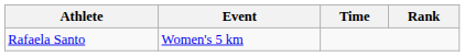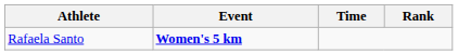 <table class="wikitable" style="text-align:center; font-size:90%; width:30%;">
 <tr>
 <th>Athlete</th>
 <th>Event</th>
 <th>Time</th>
 <th>Rank</th>
 </tr>
 <tr>
 <td align=left><a href='#'>Rafaela Santo</a></td>
-<td align=left><a href='#'>Women's 5 km</a></td>
+<td align=left><strong><a href='#'>Women's 5 km</a></strong></td>
 <td colspan=2></td>
 </tr>
 </table>
